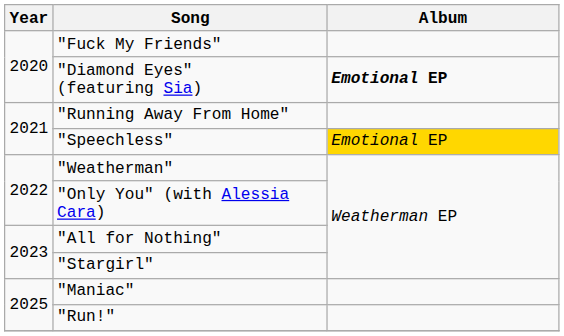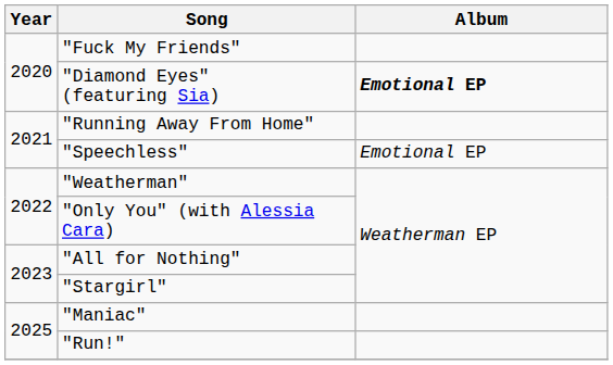 <table class="wikitable">
 <tr>
 <th width="33">Year</th>
 <th width="215">Song</th>
 <th width="180">Album</th>
 </tr>
 <tr>
 <td align="center" rowspan="2">2020</td>
 <td>"Fuck My Friends"</td>
 <td></td>
 </tr>
 <tr>
 <td>"Diamond Eyes"<br>(featuring <a href='#'>Sia</a>)</td>
 <td><strong><em>Emotional</em> EP</strong></td>
 </tr>
 <tr>
 <td align="center" rowspan="2">2021</td>
 <td>"Running Away From Home"</td>
 <td></td>
 </tr>
 <tr>
 <td>"Speechless"</td>
-<td style="background: gold;"><em>Emotional</em> EP</td>
+<td><em>Emotional</em> EP</td>
 </tr>
 <tr>
 <td rowspan="2" align="center">2022</td>
 <td>"Weatherman"</td>
 <td rowspan="4"><em>Weatherman</em> EP</td>
 </tr>
 <tr>
 <td>"Only You" (with <a href='#'>Alessia Cara</a>)</td>
 </tr>
 <tr>
 <td rowspan="2" align="center">2023</td>
 <td>"All for Nothing"</td>
 </tr>
 <tr>
 <td>"Stargirl"</td>
 </tr>
 <tr>
 <td rowspan="2" align="center">2025</td>
 <td>"Maniac"</td>
 <td></td>
 </tr>
 <tr>
 <td>"Run!"</td>
 <td></td>
 </tr>
 <tr>
 </tr>
 </table>
